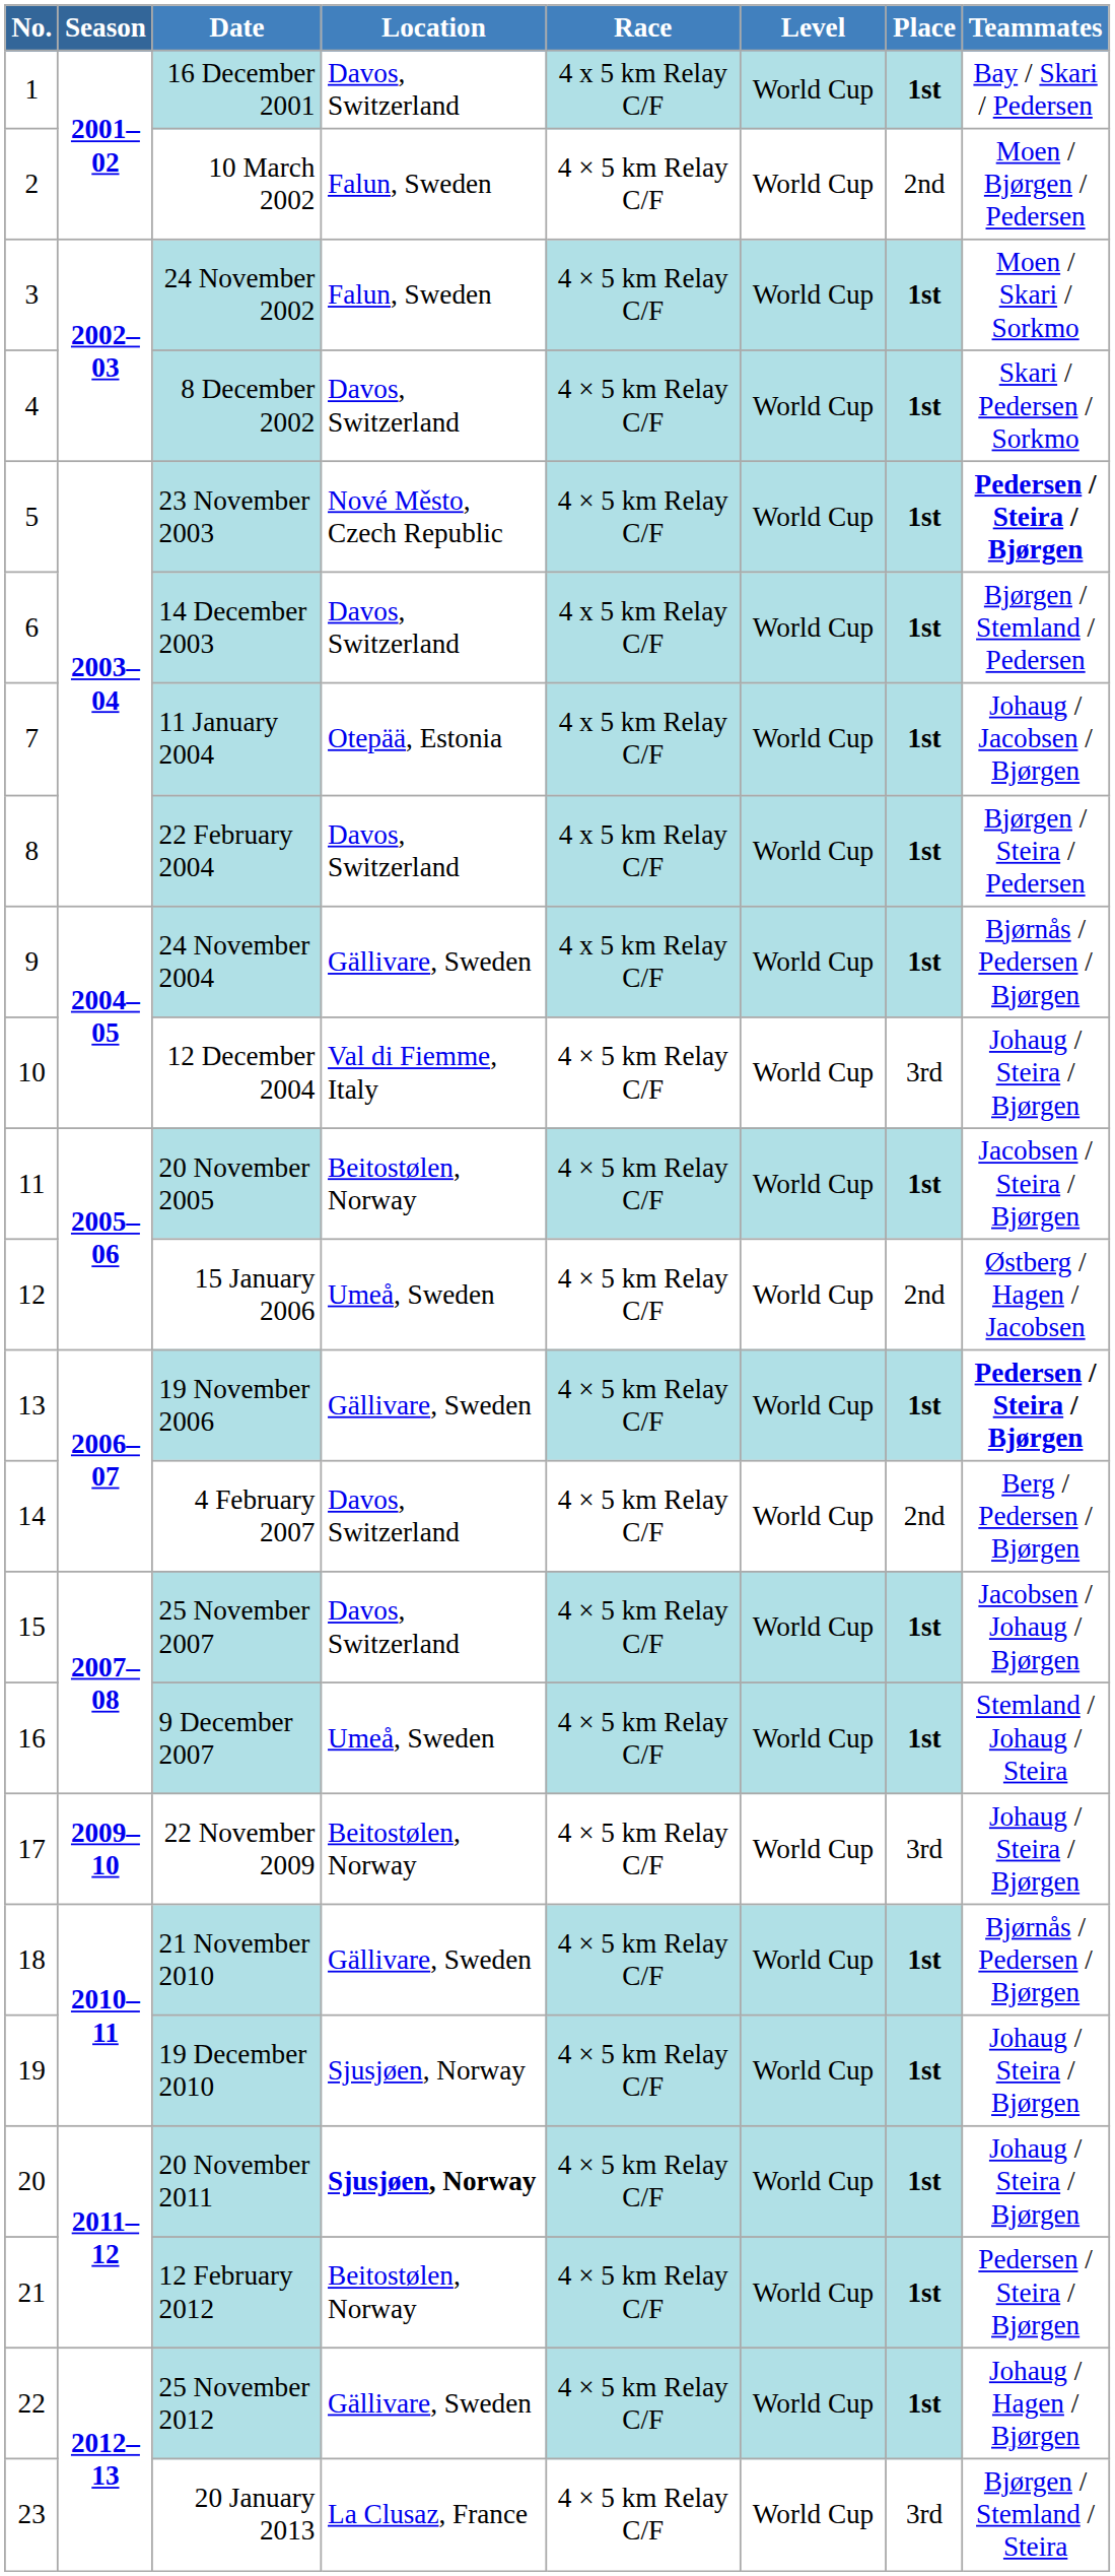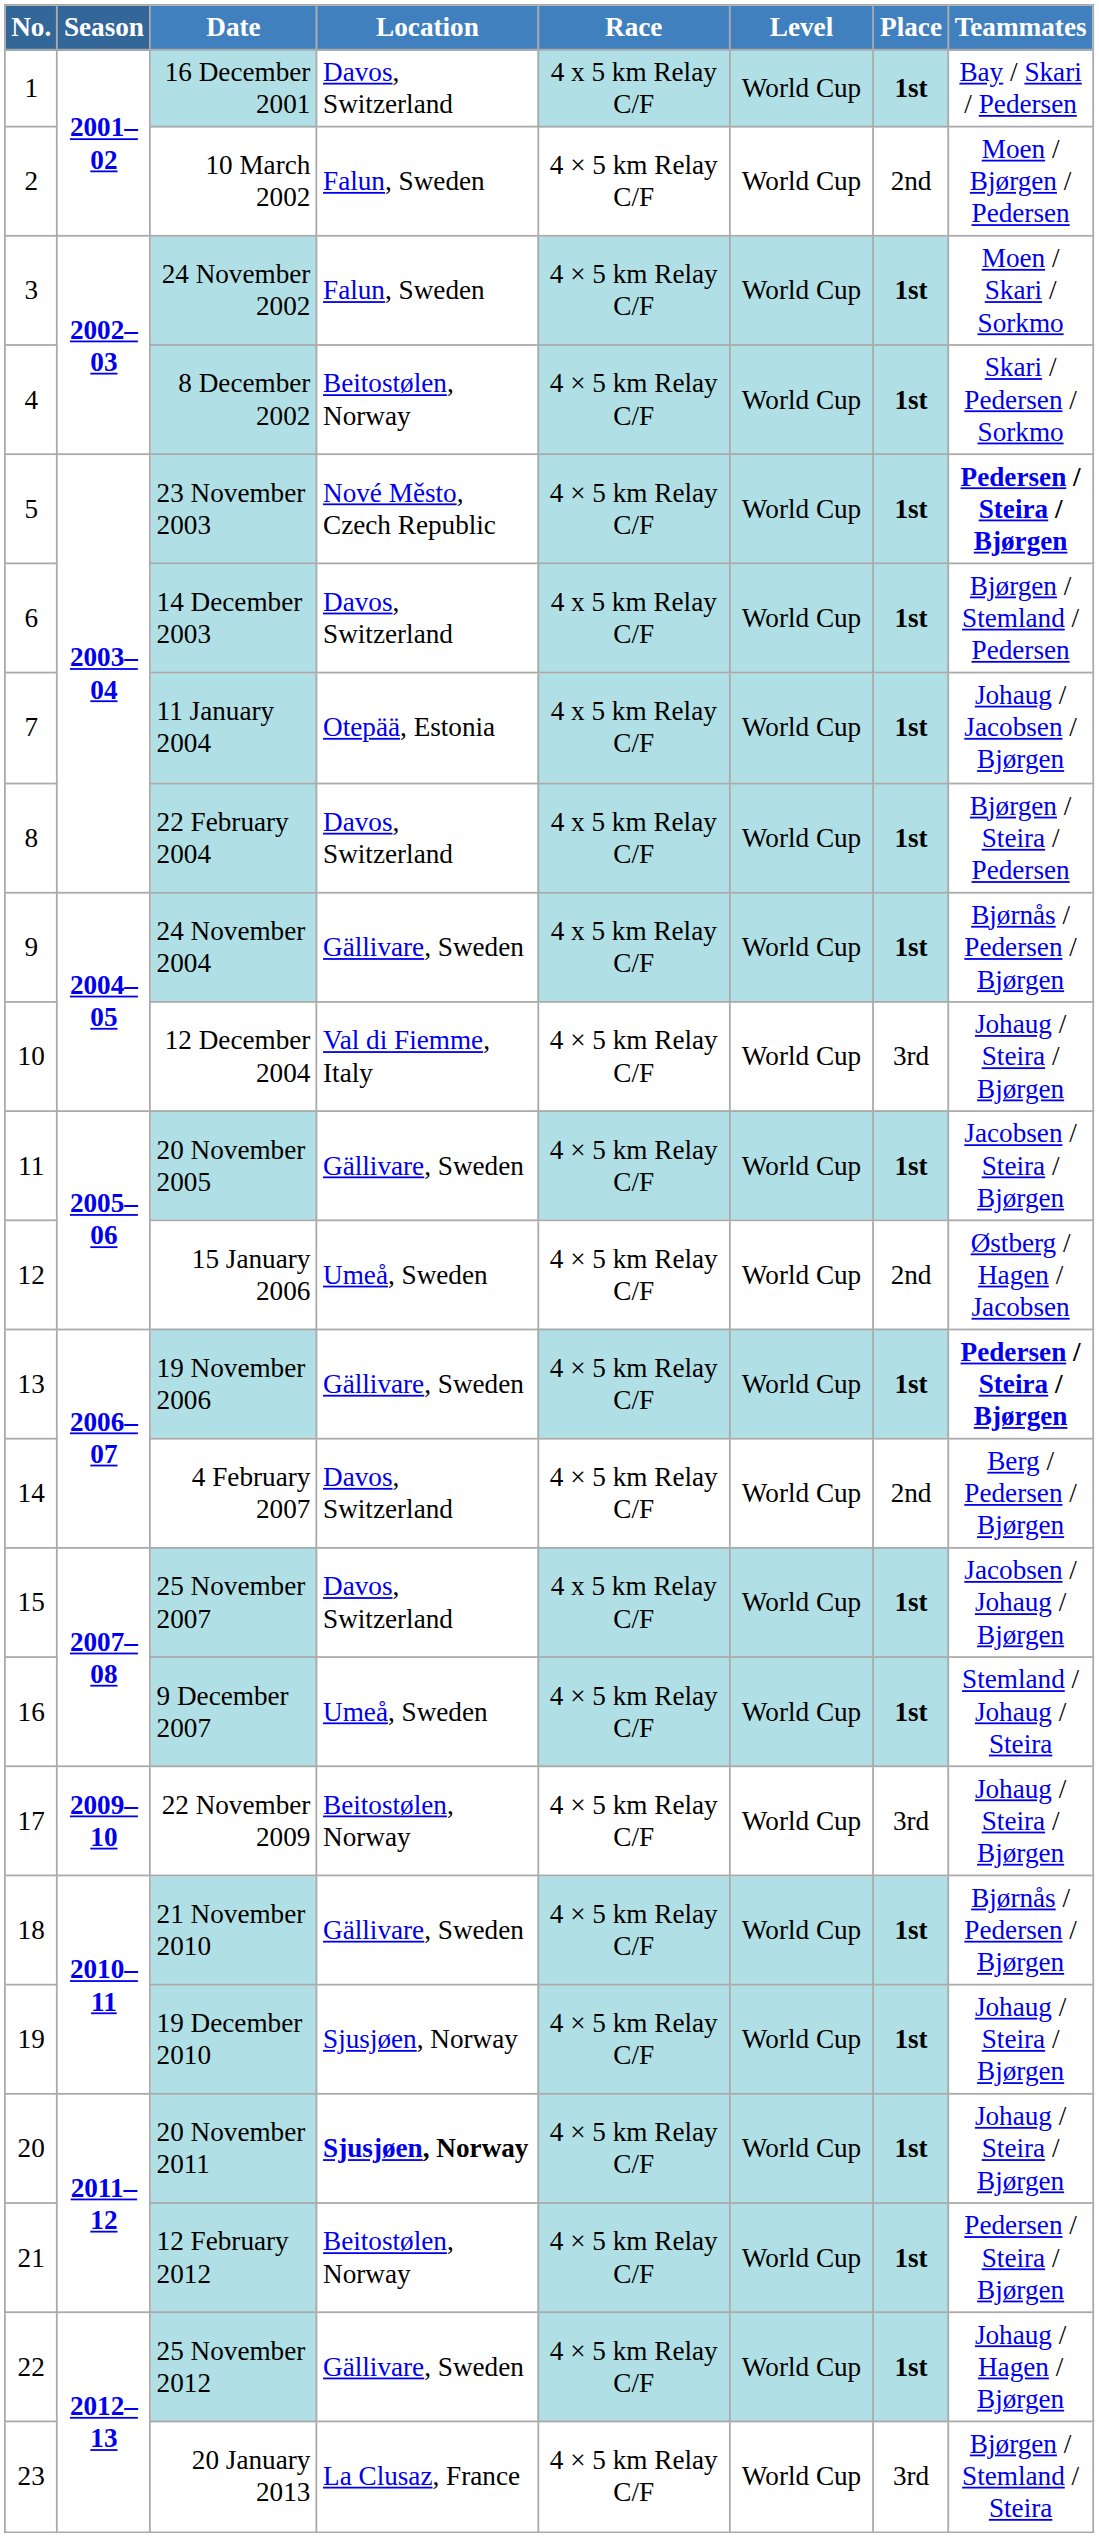 <table class="wikitable sortable" style="font-size:95%; text-align:center; border:grey solid 1px; border-collapse:collapse; background:#ffffff;">
 <tr style="background:#efefef;">
 <th style="background-color:#369; color:white;">No.</th>
 <th style="background-color:#369; color:white;">Season</th>
 <th style="background-color:#4180be; color:white; width:120px;">Date</th>
 <th style="background-color:#4180be; color:white; width:185px;">Location</th>
 <th style="background-color:#4180be; color:white; width:170px;">Race</th>
 <th style="background-color:#4180be; color:white; width:130px;">Level</th>
 <th style="background-color:#4180be; color:white;">Place</th>
 <th style="background-color:#4180be; color:white;">Teammates</th>
 </tr>
 <tr>
 <td align=center>1</td>
 <td rowspan=2 align=center><strong><a href='#'>2001–02</a></strong></td>
 <td bgcolor="#BOEOE6" align=right>16 December 2001</td>
 <td align=left> <a href='#'>Davos</a>, Switzerland</td>
 <td bgcolor="#BOEOE6">4 x 5 km Relay C/F</td>
 <td bgcolor="#BOEOE6">World Cup</td>
 <td bgcolor="#BOEOE6"><strong>1st</strong></td>
 <td><a href='#'>Bay</a> / <a href='#'>Skari</a> / <a href='#'>Pedersen</a></td>
 </tr>
 <tr>
 <td align=center>2</td>
 <td align=right>10 March 2002</td>
 <td align=left> <a href='#'>Falun</a>, Sweden</td>
 <td>4 × 5 km Relay C/F</td>
 <td>World Cup</td>
 <td>2nd</td>
 <td><a href='#'>Moen</a> / <a href='#'>Bjørgen</a> / <a href='#'>Pedersen</a></td>
 </tr>
 <tr>
 <td align=center>3</td>
 <td rowspan=2 align=center><strong><a href='#'>2002–03</a></strong></td>
 <td bgcolor="#BOEOE6" align=right>24 November 2002</td>
 <td align=left> <a href='#'>Falun</a>, Sweden</td>
 <td bgcolor="#BOEOE6">4 × 5 km Relay C/F</td>
 <td bgcolor="#BOEOE6">World Cup</td>
 <td bgcolor="#BOEOE6"><strong>1st</strong></td>
 <td><a href='#'>Moen</a> / <a href='#'>Skari</a> / <a href='#'>Sorkmo</a></td>
 </tr>
 <tr>
 <td align=center>4</td>
 <td bgcolor="#BOEOE6" align=right>8 December 2002</td>
-<td align=left> <a href='#'>Davos</a>, Switzerland</td>
+<td align=left> <a href='#'>Beitostølen</a>, Norway</td>
 <td bgcolor="#BOEOE6">4 × 5 km Relay C/F</td>
 <td bgcolor="#BOEOE6">World Cup</td>
 <td bgcolor="#BOEOE6"><strong>1st</strong></td>
 <td><a href='#'>Skari</a> / <a href='#'>Pedersen</a> / <a href='#'>Sorkmo</a></td>
 </tr>
 <tr>
 <td align=center>5</td>
 <td rowspan=4 align=center><strong><a href='#'>2003–04</a></strong></td>
 <td align=left bgcolor="#BOEOE6" align=right>23 November 2003</td>
 <td align=left> <a href='#'>Nové Město</a>, Czech Republic</td>
 <td bgcolor="#BOEOE6" align=center>4 × 5 km Relay C/F</td>
 <td bgcolor="#BOEOE6">World Cup</td>
 <td bgcolor="#BOEOE6"><strong>1st</strong></td>
 <td><strong><a href='#'>Pedersen</a> / <a href='#'>Steira</a> / <a href='#'>Bjørgen</a></strong></td>
 </tr>
 <tr>
 <td align=center>6</td>
 <td align=left bgcolor="#BOEOE6" align=right>14 December 2003</td>
 <td align=left> <a href='#'>Davos</a>, Switzerland</td>
 <td bgcolor="#BOEOE6">4 x 5 km Relay C/F</td>
 <td bgcolor="#BOEOE6">World Cup</td>
 <td bgcolor="#BOEOE6"><strong>1st</strong></td>
 <td><a href='#'>Bjørgen</a> / <a href='#'>Stemland</a> / <a href='#'>Pedersen</a></td>
 </tr>
 <tr>
 <td align=center>7</td>
 <td align=left bgcolor="#BOEOE6" align=right>11 January 2004</td>
 <td align=left> <a href='#'>Otepää</a>, Estonia</td>
 <td bgcolor="#BOEOE6">4 x 5 km Relay C/F</td>
 <td bgcolor="#BOEOE6">World Cup</td>
 <td bgcolor="#BOEOE6"><strong>1st</strong></td>
 <td><a href='#'>Johaug</a> / <a href='#'>Jacobsen</a> / <a href='#'>Bjørgen</a></td>
 </tr>
 <tr>
 <td align=center>8</td>
 <td align=left bgcolor="#BOEOE6" align=right>22 February 2004</td>
 <td align=left> <a href='#'>Davos</a>, Switzerland</td>
 <td bgcolor="#BOEOE6">4 x 5 km Relay C/F</td>
 <td bgcolor="#BOEOE6">World Cup</td>
 <td bgcolor="#BOEOE6"><strong>1st</strong></td>
 <td><a href='#'>Bjørgen</a> / <a href='#'>Steira</a> / <a href='#'>Pedersen</a></td>
 </tr>
 <tr>
 <td align=center>9</td>
 <td rowspan=2 align=center><strong><a href='#'>2004–05</a></strong></td>
 <td align=left bgcolor="#BOEOE6" align=right>24 November 2004</td>
 <td align=left> <a href='#'>Gällivare</a>, Sweden</td>
 <td bgcolor="#BOEOE6">4 x 5 km Relay C/F</td>
 <td bgcolor="#BOEOE6">World Cup</td>
 <td bgcolor="#BOEOE6"><strong>1st</strong></td>
 <td><a href='#'>Bjørnås</a> / <a href='#'>Pedersen</a> / <a href='#'>Bjørgen</a></td>
 </tr>
 <tr>
 <td align=center>10</td>
 <td align=right>12 December 2004</td>
 <td align=left> <a href='#'>Val di Fiemme</a>, Italy</td>
 <td>4 × 5 km Relay C/F</td>
 <td>World Cup</td>
 <td>3rd</td>
 <td><a href='#'>Johaug</a> / <a href='#'>Steira</a> / <a href='#'>Bjørgen</a></td>
 </tr>
 <tr>
 <td align=center>11</td>
 <td rowspan=2 align=center><strong><a href='#'>2005–06</a></strong></td>
 <td align=left bgcolor="#BOEOE6" align=right>20 November 2005</td>
-<td align=left> <a href='#'>Beitostølen</a>, Norway</td>
+<td align=left> <a href='#'>Gällivare</a>, Sweden</td>
 <td bgcolor="#BOEOE6" align=center>4 × 5 km Relay C/F</td>
 <td bgcolor="#BOEOE6">World Cup</td>
 <td bgcolor="#BOEOE6"><strong>1st</strong></td>
 <td><a href='#'>Jacobsen</a> / <a href='#'>Steira</a> / <a href='#'>Bjørgen</a></td>
 </tr>
 <tr>
 <td align=center>12</td>
 <td align=right>15 January 2006</td>
 <td align=left> <a href='#'>Umeå</a>, Sweden</td>
 <td>4 × 5 km Relay C/F</td>
 <td>World Cup</td>
 <td>2nd</td>
 <td><a href='#'>Østberg</a> / <a href='#'>Hagen</a> / <a href='#'>Jacobsen</a></td>
 </tr>
 <tr>
 <td align=center>13</td>
 <td rowspan=2 align=center><strong><a href='#'>2006–07</a></strong></td>
 <td align=left bgcolor="#BOEOE6" align=right>19 November 2006</td>
 <td align=left> <a href='#'>Gällivare</a>, Sweden</td>
 <td bgcolor="#BOEOE6" align=center>4 × 5 km Relay C/F</td>
 <td bgcolor="#BOEOE6">World Cup</td>
 <td bgcolor="#BOEOE6"><strong>1st</strong></td>
 <td><strong><a href='#'>Pedersen</a> / <a href='#'>Steira</a> / <a href='#'>Bjørgen</a></strong></td>
 </tr>
 <tr>
 <td align=center>14</td>
 <td align=right>4 February 2007</td>
 <td align=left> <a href='#'>Davos</a>, Switzerland</td>
 <td>4 × 5 km Relay C/F</td>
 <td>World Cup</td>
 <td>2nd</td>
 <td><a href='#'>Berg</a> / <a href='#'>Pedersen</a> / <a href='#'>Bjørgen</a></td>
 </tr>
 <tr>
 <td align=center>15</td>
 <td rowspan=2 align=center><strong><a href='#'>2007–08</a></strong></td>
 <td align=left bgcolor="#BOEOE6" align=right>25 November 2007</td>
 <td align=left> <a href='#'>Davos</a>, Switzerland</td>
-<td bgcolor="#BOEOE6" align=center>4 × 5 km Relay C/F</td>
+<td bgcolor="#BOEOE6">4 x 5 km Relay C/F</td>
 <td bgcolor="#BOEOE6">World Cup</td>
 <td bgcolor="#BOEOE6"><strong>1st</strong></td>
 <td><a href='#'>Jacobsen</a> / <a href='#'>Johaug</a> / <a href='#'>Bjørgen</a></td>
 </tr>
 <tr>
 <td align=center>16</td>
 <td align=left bgcolor="#BOEOE6" align=right>9 December 2007</td>
 <td align=left> <a href='#'>Umeå</a>, Sweden</td>
 <td bgcolor="#BOEOE6" align=center>4 × 5 km Relay C/F</td>
 <td bgcolor="#BOEOE6">World Cup</td>
 <td bgcolor="#BOEOE6"><strong>1st</strong></td>
 <td><a href='#'>Stemland</a> / <a href='#'>Johaug</a> / <a href='#'>Steira</a></td>
 </tr>
 <tr>
 <td align=center>17</td>
 <td rowspan=1 align=center><strong><a href='#'>2009–10</a></strong></td>
 <td align=right>22 November 2009</td>
 <td align=left> <a href='#'>Beitostølen</a>, Norway</td>
 <td>4 × 5 km Relay C/F</td>
 <td>World Cup</td>
 <td>3rd</td>
 <td><a href='#'>Johaug</a> / <a href='#'>Steira</a> / <a href='#'>Bjørgen</a></td>
 </tr>
 <tr>
 <td align=center>18</td>
 <td rowspan=2 align=center><strong><a href='#'>2010–11</a></strong></td>
 <td align=left bgcolor="#BOEOE6" align=right>21 November 2010</td>
 <td align=left> <a href='#'>Gällivare</a>, Sweden</td>
 <td bgcolor="#BOEOE6" align=center>4 × 5 km Relay C/F</td>
 <td bgcolor="#BOEOE6">World Cup</td>
 <td bgcolor="#BOEOE6"><strong>1st</strong></td>
 <td><a href='#'>Bjørnås</a> / <a href='#'>Pedersen</a> / <a href='#'>Bjørgen</a></td>
 </tr>
 <tr>
 <td align=center>19</td>
 <td align=left bgcolor="#BOEOE6" align=right>19 December 2010</td>
 <td align=left> <a href='#'>Sjusjøen</a>, Norway</td>
 <td bgcolor="#BOEOE6" align=center>4 × 5 km Relay C/F</td>
 <td bgcolor="#BOEOE6">World Cup</td>
 <td bgcolor="#BOEOE6"><strong>1st</strong></td>
 <td><a href='#'>Johaug</a> / <a href='#'>Steira</a> / <a href='#'>Bjørgen</a></td>
 </tr>
 <tr>
 <td align=center>20</td>
 <td rowspan=2 align=center><strong><a href='#'>2011–12</a></strong></td>
 <td align=left bgcolor="#BOEOE6" align=right>20 November 2011</td>
 <td align=left><strong> <a href='#'>Sjusjøen</a>, Norway</strong></td>
 <td bgcolor="#BOEOE6" align=center>4 × 5 km Relay C/F</td>
 <td bgcolor="#BOEOE6">World Cup</td>
 <td bgcolor="#BOEOE6"><strong>1st</strong></td>
 <td><a href='#'>Johaug</a> / <a href='#'>Steira</a> / <a href='#'>Bjørgen</a></td>
 </tr>
 <tr>
 <td align=center>21</td>
 <td align=left bgcolor="#BOEOE6" align=right>12 February 2012</td>
 <td align=left> <a href='#'>Beitostølen</a>, Norway</td>
 <td bgcolor="#BOEOE6" align=center>4 × 5 km Relay C/F</td>
 <td bgcolor="#BOEOE6">World Cup</td>
 <td bgcolor="#BOEOE6"><strong>1st</strong></td>
 <td><a href='#'>Pedersen</a> / <a href='#'>Steira</a> / <a href='#'>Bjørgen</a></td>
 </tr>
 <tr>
 <td align=center>22</td>
 <td rowspan=2 align=center><strong><a href='#'>2012–13</a></strong></td>
 <td align=left bgcolor="#BOEOE6" align=right>25 November 2012</td>
 <td align=left> <a href='#'>Gällivare</a>, Sweden</td>
 <td bgcolor="#BOEOE6" align=center>4 × 5 km Relay C/F</td>
 <td bgcolor="#BOEOE6">World Cup</td>
 <td bgcolor="#BOEOE6"><strong>1st</strong></td>
 <td><a href='#'>Johaug</a> / <a href='#'>Hagen</a> / <a href='#'>Bjørgen</a></td>
 </tr>
 <tr>
 <td align=center>23</td>
 <td align=right>20 January 2013</td>
 <td align=left> <a href='#'>La Clusaz</a>, France</td>
 <td>4 × 5 km Relay C/F</td>
 <td>World Cup</td>
 <td>3rd</td>
 <td><a href='#'>Bjørgen</a> / <a href='#'>Stemland</a> / <a href='#'>Steira</a></td>
 </tr>
 </table>
